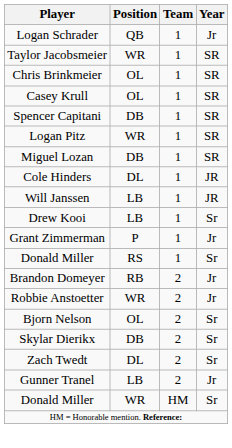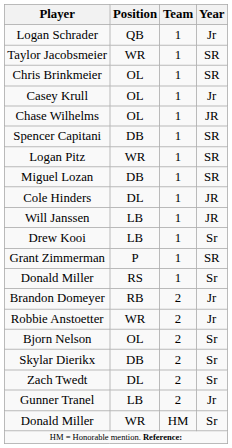 <table class="wikitable sortable sortable" style="text-align: center">
 <tr align=center>
 <th>Player</th>
 <th>Position</th>
 <th>Team</th>
 <th>Year</th>
 </tr>
 <tr>
 <td>Logan Schrader</td>
 <td>QB</td>
 <td>1</td>
 <td>Jr</td>
 </tr>
 <tr>
 <td>Taylor Jacobsmeier</td>
 <td>WR</td>
 <td>1</td>
 <td>SR</td>
 </tr>
 <tr>
 <td>Chris Brinkmeier</td>
 <td>OL</td>
 <td>1</td>
 <td>SR</td>
 </tr>
 <tr>
 <td>Casey Krull</td>
 <td>OL</td>
 <td>1</td>
-<td>SR</td>
+<td>Jr</td>
+</tr>
+<tr>
+<td>Chase Wilhelms</td>
+<td>OL</td>
+<td>1</td>
+<td>JR</td>
 </tr>
 <tr>
 <td>Spencer Capitani</td>
 <td>DB</td>
 <td>1</td>
 <td>SR</td>
 </tr>
 <tr>
 <td>Logan Pitz</td>
 <td>WR</td>
 <td>1</td>
 <td>SR</td>
 </tr>
 <tr>
 <td>Miguel Lozan</td>
 <td>DB</td>
 <td>1</td>
 <td>SR</td>
 </tr>
 <tr>
 <td>Cole Hinders</td>
 <td>DL</td>
 <td>1</td>
 <td>JR</td>
 </tr>
 <tr>
 <td>Will Janssen</td>
 <td>LB</td>
 <td>1</td>
 <td>JR</td>
 </tr>
 <tr>
 <td>Drew Kooi</td>
 <td>LB</td>
 <td>1</td>
 <td>Sr</td>
 </tr>
 <tr>
 <td>Grant Zimmerman</td>
 <td>P</td>
 <td>1</td>
-<td>Jr</td>
+<td>SR</td>
 </tr>
 <tr>
 <td>Donald Miller</td>
 <td>RS</td>
 <td>1</td>
 <td>Sr</td>
 </tr>
 <tr>
 <td>Brandon Domeyer</td>
 <td>RB</td>
 <td>2</td>
 <td>Jr</td>
 </tr>
 <tr>
 <td>Robbie Anstoetter</td>
 <td>WR</td>
 <td>2</td>
 <td>Jr</td>
 </tr>
 <tr>
 <td>Bjorn Nelson</td>
 <td>OL</td>
 <td>2</td>
 <td>Sr</td>
 </tr>
 <tr>
 <td>Skylar Dierikx</td>
 <td>DB</td>
 <td>2</td>
 <td>Sr</td>
 </tr>
 <tr>
 <td>Zach Twedt</td>
 <td>DL</td>
 <td>2</td>
 <td>Sr</td>
 </tr>
 <tr>
 <td>Gunner Tranel</td>
 <td>LB</td>
 <td>2</td>
 <td>Jr</td>
 </tr>
 <tr>
 <td>Donald Miller</td>
 <td>WR</td>
 <td>HM</td>
 <td>Sr</td>
 </tr>
 <tr class="sortbottom">
 <td colspan="4"  style="font-size:8pt; text-align:center;">HM = Honorable mention. <strong>Reference:</strong></td>
 </tr>
 </table>
